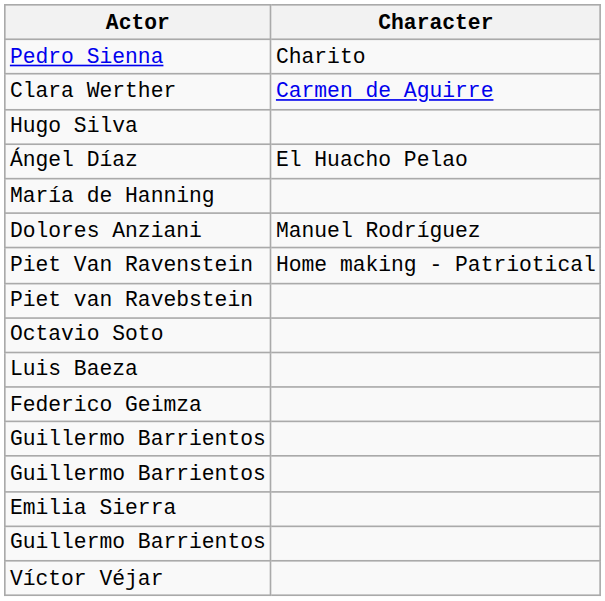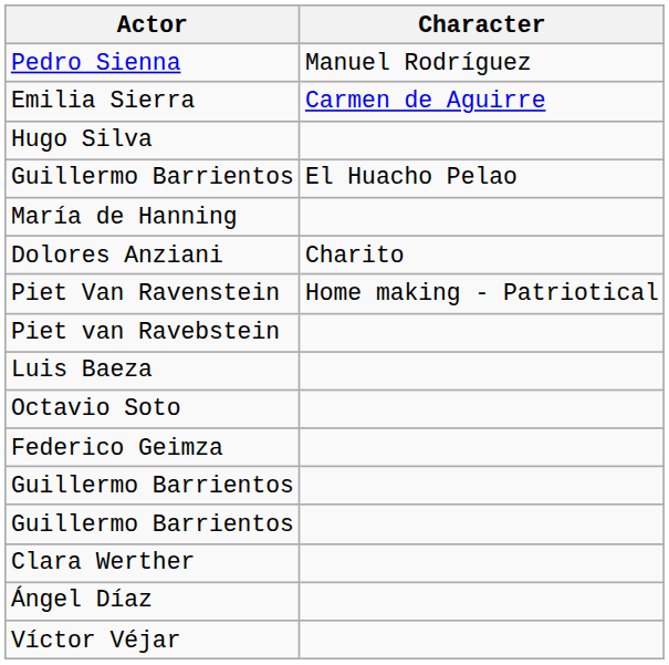 <table class="wikitable">
 <tr>
 <th align="center">Actor</th>
 <th align="center">Character</th>
 </tr>
 <tr>
 <td><a href='#'>Pedro Sienna</a></td>
-<td>Charito</td>
+<td>Manuel Rodríguez</td>
 </tr>
 <tr>
-<td>Clara Werther</td>
+<td>Emilia Sierra</td>
 <td><a href='#'>Carmen de Aguirre</a></td>
 </tr>
 <tr>
 <td>Hugo Silva</td>
 <td></td>
 </tr>
 <tr>
-<td>Ángel Díaz</td>
+<td>Guillermo Barrientos</td>
 <td>El Huacho Pelao</td>
 </tr>
 <tr>
 <td>María de Hanning</td>
 <td></td>
 </tr>
 <tr>
 <td>Dolores Anziani</td>
-<td>Manuel Rodríguez</td>
+<td>Charito</td>
 </tr>
 <tr>
 <td>Piet Van Ravenstein</td>
 <td>Home making - Patriotical</td>
 </tr>
 <tr>
 <td>Piet van Ravebstein</td>
 <td></td>
 </tr>
 <tr>
-<td>Octavio Soto</td>
+<td>Luis Baeza</td>
 <td></td>
 </tr>
 <tr>
-<td>Luis Baeza</td>
+<td>Octavio Soto</td>
 <td></td>
 </tr>
 <tr>
 <td>Federico Geimza</td>
 <td></td>
 </tr>
 <tr>
 <td>Guillermo Barrientos</td>
 <td></td>
 </tr>
 <tr>
 <td>Guillermo Barrientos</td>
 <td></td>
 </tr>
 <tr>
-<td>Emilia Sierra</td>
+<td>Clara Werther</td>
 <td></td>
 </tr>
 <tr>
-<td>Guillermo Barrientos</td>
+<td>Ángel Díaz</td>
 <td></td>
 </tr>
 <tr>
 <td>Víctor Véjar</td>
 <td></td>
 </tr>
 </table>
